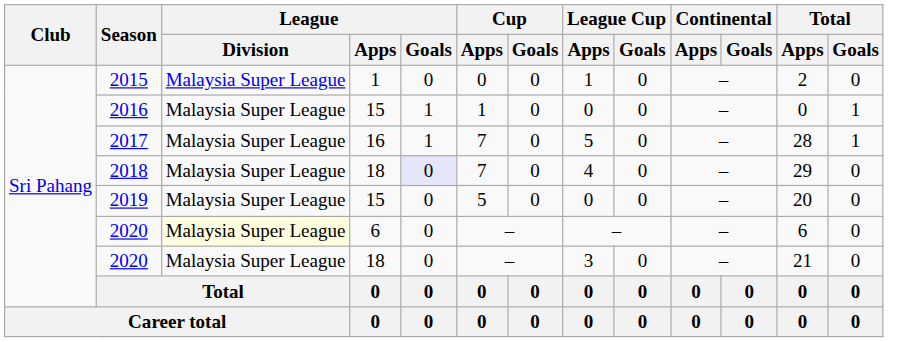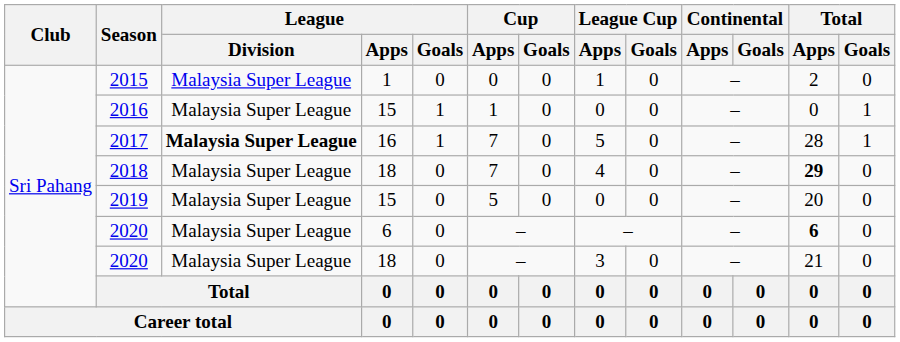 <table class=wikitable style="text-align: center">
 <tr>
 <th rowspan=2>Club</th>
 <th rowspan=2>Season</th>
 <th colspan=3>League</th>
 <th colspan=2>Cup</th>
 <th colspan=2>League Cup</th>
 <th colspan=2>Continental</th>
 <th colspan=2>Total</th>
 </tr>
 <tr>
 <th>Division</th>
 <th>Apps</th>
 <th>Goals</th>
 <th>Apps</th>
 <th>Goals</th>
 <th>Apps</th>
 <th>Goals</th>
 <th>Apps</th>
 <th>Goals</th>
 <th>Apps</th>
 <th>Goals</th>
 </tr>
 <tr>
 <td rowspan="8"><a href='#'>Sri Pahang</a></td>
 <td><a href='#'>2015</a></td>
 <td><a href='#'>Malaysia Super League</a></td>
 <td>1</td>
 <td>0</td>
 <td>0</td>
 <td>0</td>
 <td>1</td>
 <td>0</td>
 <td colspan=2>–</td>
 <td>2</td>
 <td>0</td>
 </tr>
 <tr>
 <td><a href='#'>2016</a></td>
 <td>Malaysia Super League</td>
 <td>15</td>
 <td>1</td>
 <td>1</td>
 <td>0</td>
 <td>0</td>
 <td>0</td>
 <td colspan=2>–</td>
 <td>0</td>
 <td>1</td>
 </tr>
 <tr>
 <td><a href='#'>2017</a></td>
-<td>Malaysia Super League</td>
+<td><strong>Malaysia Super League</strong></td>
 <td>16</td>
 <td>1</td>
 <td>7</td>
 <td>0</td>
 <td>5</td>
 <td>0</td>
 <td colspan=2>–</td>
 <td>28</td>
 <td>1</td>
 </tr>
 <tr>
 <td><a href='#'>2018</a></td>
 <td>Malaysia Super League</td>
 <td>18</td>
-<td style="background: lavender;">0</td>
+<td>0</td>
 <td>7</td>
 <td>0</td>
 <td>4</td>
 <td>0</td>
 <td colspan=2>–</td>
-<td>29</td>
+<td><strong>29</strong></td>
 <td>0</td>
 </tr>
 <tr>
 <td><a href='#'>2019</a></td>
 <td>Malaysia Super League</td>
 <td>15</td>
 <td>0</td>
 <td>5</td>
 <td>0</td>
 <td>0</td>
 <td>0</td>
 <td colspan=2>–</td>
 <td>20</td>
 <td>0</td>
 </tr>
 <tr>
 <td><a href='#'>2020</a></td>
-<td style="background: lightyellow;">Malaysia Super League</td>
+<td>Malaysia Super League</td>
 <td>6</td>
 <td>0</td>
 <td colspan=2>–</td>
 <td colspan=2>–</td>
 <td colspan=2>–</td>
-<td>6</td>
+<td><strong>6</strong></td>
 <td>0</td>
 </tr>
 <tr>
 <td><a href='#'>2020</a></td>
 <td>Malaysia Super League</td>
 <td>18</td>
 <td>0</td>
 <td colspan=2>–</td>
 <td>3</td>
 <td>0</td>
 <td colspan=2>–</td>
 <td>21</td>
 <td>0</td>
 </tr>
 <tr>
 <th colspan=2>Total</th>
 <th>0</th>
 <th>0</th>
 <th>0</th>
 <th>0</th>
 <th>0</th>
 <th>0</th>
 <th>0</th>
 <th>0</th>
 <th>0</th>
 <th>0</th>
 </tr>
 <tr>
 <th colspan=3>Career total</th>
 <th>0</th>
 <th>0</th>
 <th>0</th>
 <th>0</th>
 <th>0</th>
 <th>0</th>
 <th>0</th>
 <th>0</th>
 <th>0</th>
 <th>0</th>
 </tr>
 </table>
